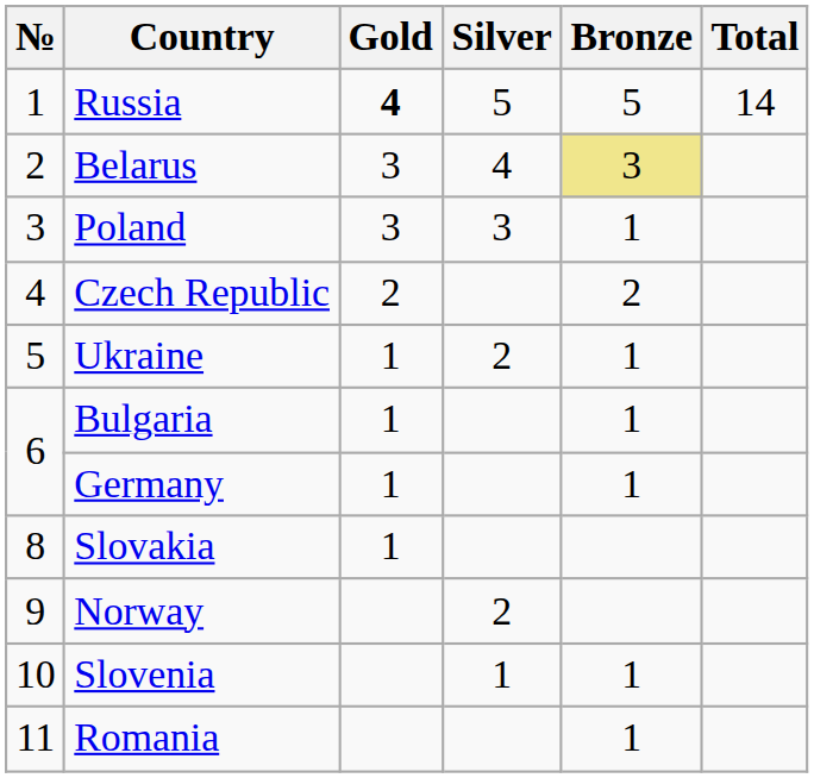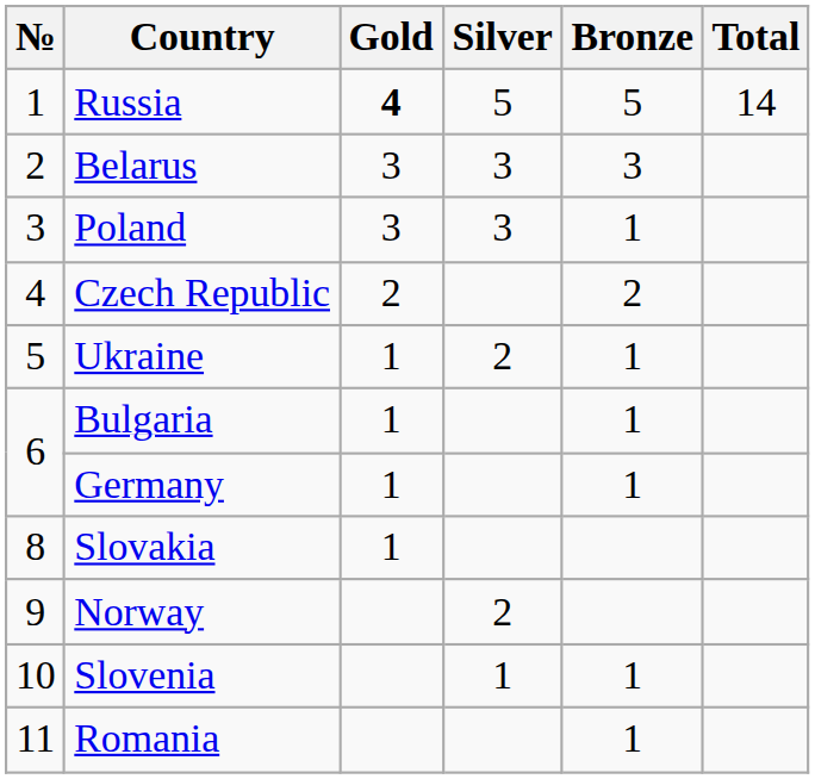 <table class="wikitable sortable" style="text-align: center;">
 <tr>
 <th>№</th>
 <th>Country</th>
 <th>Gold</th>
 <th>Silver</th>
 <th>Bronze</th>
 <th>Total</th>
 </tr>
 <tr>
 <td>1</td>
 <td align="left"> <a href='#'>Russia</a></td>
 <td><strong>4</strong></td>
 <td>5</td>
 <td>5</td>
 <td>14</td>
 </tr>
 <tr>
 <td>2</td>
 <td align="left"> <a href='#'>Belarus</a></td>
 <td>3</td>
-<td>4</td>
-<td style="background: khaki;">3</td>
+<td>3</td>
+<td>3</td>
 <td></td>
 </tr>
 <tr>
 <td>3</td>
 <td align="left"> <a href='#'>Poland</a></td>
 <td>3</td>
 <td>3</td>
 <td>1</td>
 <td></td>
 </tr>
 <tr>
 <td>4</td>
 <td align="left"> <a href='#'>Czech Republic</a></td>
 <td>2</td>
 <td></td>
 <td>2</td>
 <td></td>
 </tr>
 <tr>
 <td>5</td>
 <td align="left"> <a href='#'>Ukraine</a></td>
 <td>1</td>
 <td>2</td>
 <td>1</td>
 <td></td>
 </tr>
 <tr>
 <td rowspan="2">6</td>
 <td align="left"> <a href='#'>Bulgaria</a></td>
 <td>1</td>
 <td></td>
 <td>1</td>
 <td></td>
 </tr>
 <tr>
 <td align="left"> <a href='#'>Germany</a></td>
 <td>1</td>
 <td></td>
 <td>1</td>
 <td></td>
 </tr>
 <tr>
 <td>8</td>
 <td align="left"> <a href='#'>Slovakia</a></td>
 <td>1</td>
 <td></td>
 <td></td>
 <td></td>
 </tr>
 <tr>
 <td>9</td>
 <td align="left"> <a href='#'>Norway</a></td>
 <td></td>
 <td>2</td>
 <td></td>
 <td></td>
 </tr>
 <tr>
 <td>10</td>
 <td align="left"> <a href='#'>Slovenia</a></td>
 <td></td>
 <td>1</td>
 <td>1</td>
 <td></td>
 </tr>
 <tr>
 <td>11</td>
 <td align="left"> <a href='#'>Romania</a></td>
 <td></td>
 <td></td>
 <td>1</td>
 <td></td>
 </tr>
 </table>
